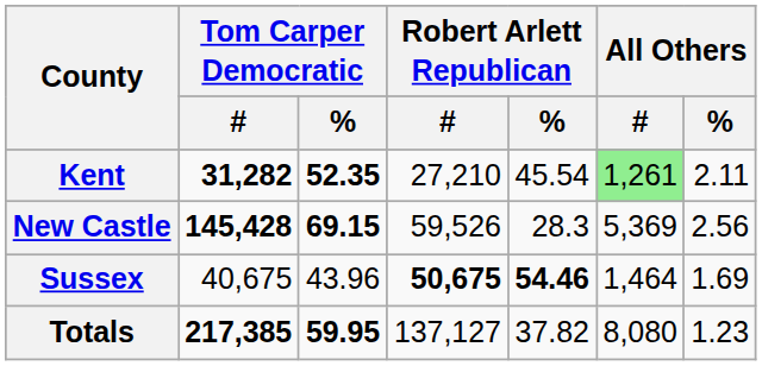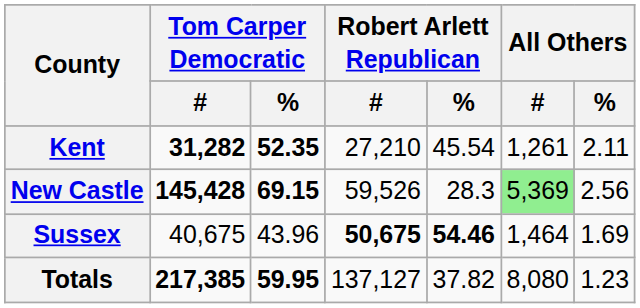 <table class="wikitable sortable" style="text-align:right;font-size:90%;line-height:1.3">
 <tr>
 <th rowspan="2">County</th>
 <th colspan="2"><a href='#'>Tom Carper</a><br><a href='#'>Democratic</a></th>
 <th colspan="2">Robert Arlett<br><a href='#'>Republican</a></th>
 <th colspan="2">All Others</th>
 </tr>
 <tr>
 <th data-sort-type="number">#</th>
 <th data-sort-type="number">%</th>
 <th data-sort-type="number">#</th>
 <th data-sort-type="number">%</th>
 <th data-sort-type="number">#</th>
 <th data-sort-type="number">%</th>
 </tr>
 <tr>
 <th><a href='#'>Kent</a></th>
 <td><strong>31,282</strong></td>
 <td><strong>52.35</strong></td>
 <td>27,210</td>
 <td>45.54</td>
-<td style="background: lightgreen;">1,261</td>
+<td>1,261</td>
 <td>2.11</td>
 </tr>
 <tr>
 <th><a href='#'>New Castle</a></th>
 <td><strong>145,428</strong></td>
 <td><strong>69.15</strong></td>
 <td>59,526</td>
 <td>28.3</td>
-<td>5,369</td>
+<td style="background: lightgreen;">5,369</td>
 <td>2.56</td>
 </tr>
 <tr>
 <th><a href='#'>Sussex</a></th>
 <td>40,675</td>
 <td>43.96</td>
 <td><strong>50,675</strong></td>
 <td><strong>54.46</strong></td>
 <td>1,464</td>
 <td>1.69</td>
 </tr>
 <tr class="sortbottom">
 <th>Totals</th>
 <td><strong>217,385</strong></td>
 <td><strong>59.95</strong></td>
 <td>137,127</td>
 <td>37.82</td>
 <td>8,080</td>
 <td>1.23</td>
 </tr>
 </table>
